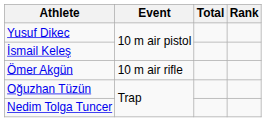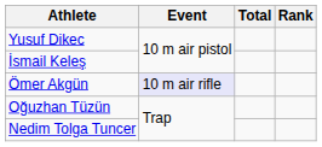 <table class="wikitable" style="text-align:center">
 <tr>
 <th>Athlete</th>
 <th>Event</th>
 <th>Total</th>
 <th>Rank</th>
 </tr>
 <tr>
 <td align=left><a href='#'>Yusuf Dikec</a></td>
 <td align=left rowspan=2>10 m air pistol</td>
 <td></td>
 <td></td>
 </tr>
 <tr>
 <td align=left><a href='#'>İsmail Keleş</a></td>
 <td></td>
 <td></td>
 </tr>
 <tr>
 <td align=left><a href='#'>Ömer Akgün</a></td>
-<td align=left>10 m air rifle</td>
+<td align=left style="background: lavender;">10 m air rifle</td>
 <td></td>
 <td></td>
 </tr>
 <tr>
 <td align=left><a href='#'>Oğuzhan Tüzün</a></td>
 <td align=left rowspan=2>Trap</td>
 <td></td>
 <td></td>
 </tr>
 <tr>
 <td align=left><a href='#'>Nedim Tolga Tuncer</a></td>
 <td></td>
 <td></td>
 </tr>
 </table>
